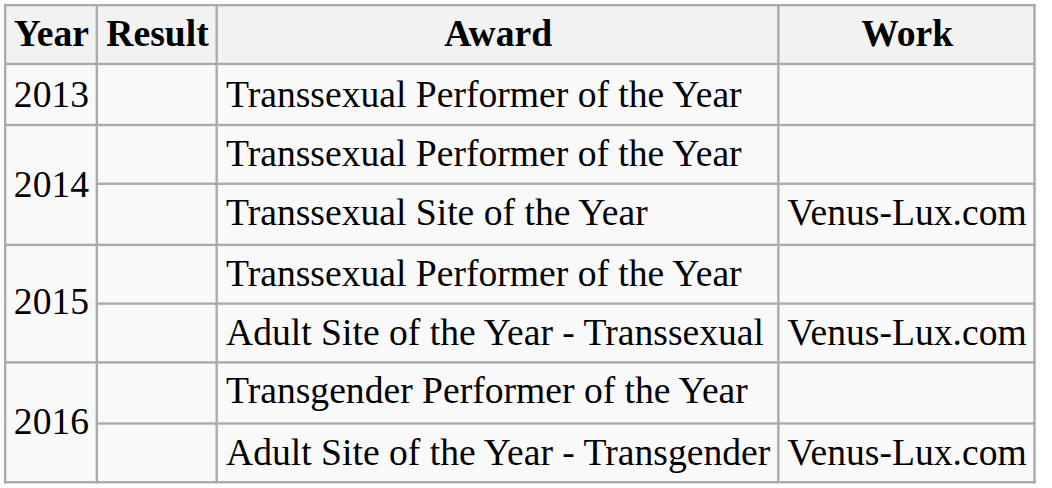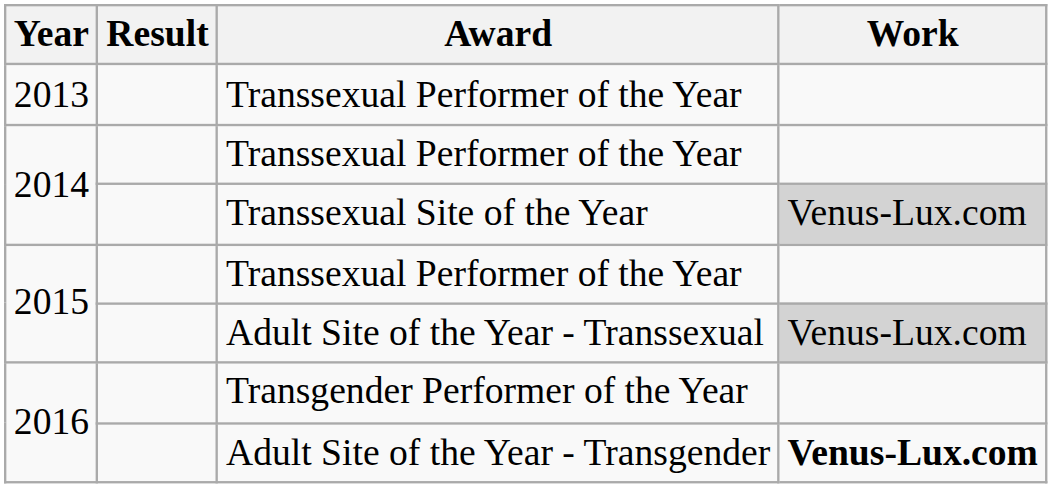 <table class="wikitable">
 <tr>
 <th>Year</th>
 <th>Result</th>
 <th>Award</th>
 <th>Work</th>
 </tr>
 <tr>
 <td>2013</td>
 <td></td>
 <td>Transsexual Performer of the Year</td>
 <td></td>
 </tr>
 <tr>
 <td rowspan="2">2014</td>
 <td></td>
 <td>Transsexual Performer of the Year</td>
 <td></td>
 </tr>
 <tr>
 <td></td>
 <td>Transsexual Site of the Year</td>
-<td>Venus-Lux.com</td>
+<td style="background: lightgrey;">Venus-Lux.com</td>
 </tr>
 <tr>
 <td rowspan="2">2015</td>
 <td></td>
 <td>Transsexual Performer of the Year</td>
 <td></td>
 </tr>
 <tr>
 <td></td>
 <td>Adult Site of the Year - Transsexual</td>
-<td>Venus-Lux.com</td>
+<td style="background: lightgrey;">Venus-Lux.com</td>
 </tr>
 <tr>
 <td rowspan="2">2016</td>
 <td></td>
 <td>Transgender Performer of the Year</td>
 <td></td>
 </tr>
 <tr>
 <td></td>
 <td>Adult Site of the Year - Transgender</td>
-<td>Venus-Lux.com</td>
+<td><strong>Venus-Lux.com</strong></td>
 </tr>
 </table>
